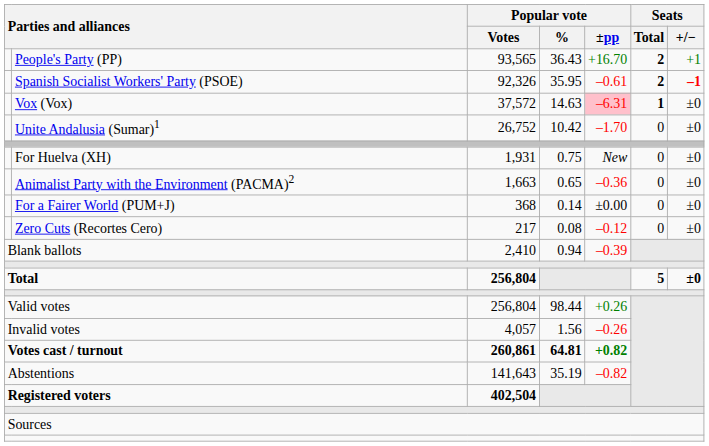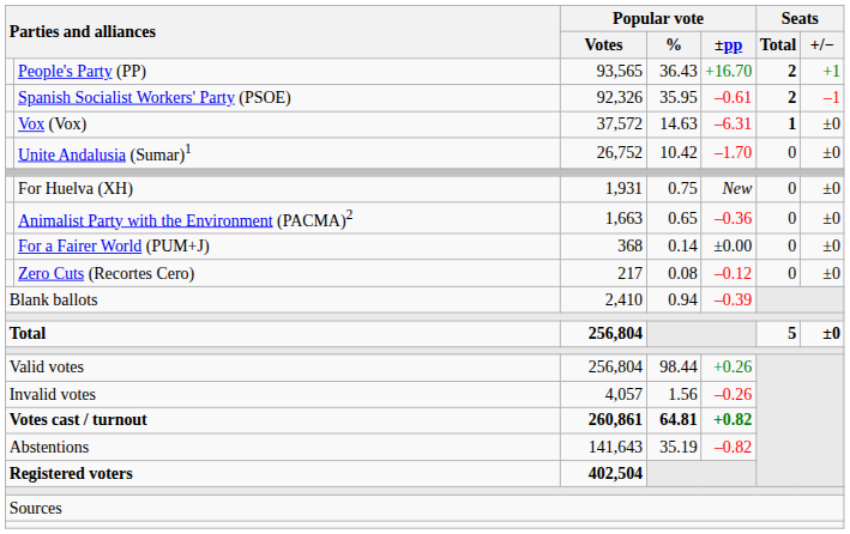 <table class="wikitable" style="text-align:right;">
 <tr>
 <th style="text-align:left;" rowspan="2" colspan="2" width="525">Parties and alliances</th>
 <th colspan="3">Popular vote</th>
 <th colspan="2">Seats</th>
 </tr>
 <tr>
 <th width="75">Votes</th>
 <th width="45">%</th>
 <th width="45">±<a href='#'>pp</a></th>
 <th width="35">Total</th>
 <th width="35">+/−</th>
 </tr>
 <tr>
 <td width="1" style="color:inherit;background:"></td>
 <td align="left"><a href='#'>People's Party</a> (PP)</td>
 <td>93,565</td>
 <td>36.43</td>
 <td style="color:green;">+16.70</td>
 <td><strong>2</strong></td>
 <td style="color:green;">+1</td>
 </tr>
 <tr>
 <td style="color:inherit;background:"></td>
 <td align="left"><a href='#'>Spanish Socialist Workers' Party</a> (PSOE)</td>
 <td>92,326</td>
 <td>35.95</td>
 <td style="color:red;">–0.61</td>
 <td><strong>2</strong></td>
-<td style="color:red;"><strong>–1</strong></td>
+<td style="color:red;">–1</td>
 </tr>
 <tr>
 <td style="color:inherit;background:"></td>
 <td align="left"><a href='#'>Vox</a> (Vox)</td>
 <td>37,572</td>
 <td>14.63</td>
-<td style="background: pink; color:red;">–6.31</td>
+<td style="color:red;">–6.31</td>
 <td><strong>1</strong></td>
 <td>±0</td>
 </tr>
 <tr>
 <td style="color:inherit;background:"></td>
 <td align="left"><a href='#'>Unite Andalusia</a> (Sumar)<sup>1</sup></td>
 <td>26,752</td>
 <td>10.42</td>
 <td style="color:red;">–1.70</td>
 <td>0</td>
 <td>±0</td>
 </tr>
 <tr>
 <td colspan="7" bgcolor="#C0C0C0"></td>
 </tr>
 <tr>
 <td style="color:inherit;background:"></td>
 <td align="left">For Huelva (XH)</td>
 <td>1,931</td>
 <td>0.75</td>
 <td><em>New</em></td>
 <td>0</td>
 <td>±0</td>
 </tr>
 <tr>
 <td style="color:inherit;background:"></td>
 <td align="left"><a href='#'>Animalist Party with the Environment</a> (PACMA)<sup>2</sup></td>
 <td>1,663</td>
 <td>0.65</td>
 <td style="color:red;">–0.36</td>
 <td>0</td>
 <td>±0</td>
 </tr>
 <tr>
 <td style="color:inherit;background:"></td>
 <td align="left"><a href='#'>For a Fairer World</a> (PUM+J)</td>
 <td>368</td>
 <td>0.14</td>
 <td>±0.00</td>
 <td>0</td>
 <td>±0</td>
 </tr>
 <tr>
 <td style="color:inherit;background:"></td>
 <td align="left"><a href='#'>Zero Cuts</a> (Recortes Cero)</td>
 <td>217</td>
 <td>0.08</td>
 <td style="color:red;">–0.12</td>
 <td>0</td>
 <td>±0</td>
 </tr>
 <tr>
 <td align="left" colspan="2">Blank ballots</td>
 <td>2,410</td>
 <td>0.94</td>
 <td style="color:red;">–0.39</td>
 <td bgcolor="#E9E9E9" colspan="2"></td>
 </tr>
 <tr>
 <td colspan="7" bgcolor="#E9E9E9"></td>
 </tr>
 <tr style="font-weight:bold;">
 <td align="left" colspan="2">Total</td>
 <td>256,804</td>
 <td bgcolor="#E9E9E9" colspan="2"></td>
 <td>5</td>
 <td>±0</td>
 </tr>
 <tr>
 <td colspan="7" bgcolor="#E9E9E9"></td>
 </tr>
 <tr>
 <td align="left" colspan="2">Valid votes</td>
 <td>256,804</td>
 <td>98.44</td>
 <td style="color:green;">+0.26</td>
 <td bgcolor="#E9E9E9" colspan="2" rowspan="5"></td>
 </tr>
 <tr>
 <td align="left" colspan="2">Invalid votes</td>
 <td>4,057</td>
 <td>1.56</td>
 <td style="color:red;">–0.26</td>
 </tr>
 <tr style="font-weight:bold;">
 <td align="left" colspan="2">Votes cast / turnout</td>
 <td>260,861</td>
 <td>64.81</td>
 <td style="color:green;">+0.82</td>
 </tr>
 <tr>
 <td align="left" colspan="2">Abstentions</td>
 <td>141,643</td>
 <td>35.19</td>
 <td style="color:red;">–0.82</td>
 </tr>
 <tr style="font-weight:bold;">
 <td align="left" colspan="2">Registered voters</td>
 <td>402,504</td>
 <td bgcolor="#E9E9E9" colspan="2"></td>
 </tr>
 <tr>
 <td colspan="7" bgcolor="#E9E9E9"></td>
 </tr>
 <tr>
 <td align="left" colspan="7">Sources</td>
 </tr>
 <tr>
 <td colspan="7" style="text-align:left; max-width:790px;"></td>
 </tr>
 </table>
